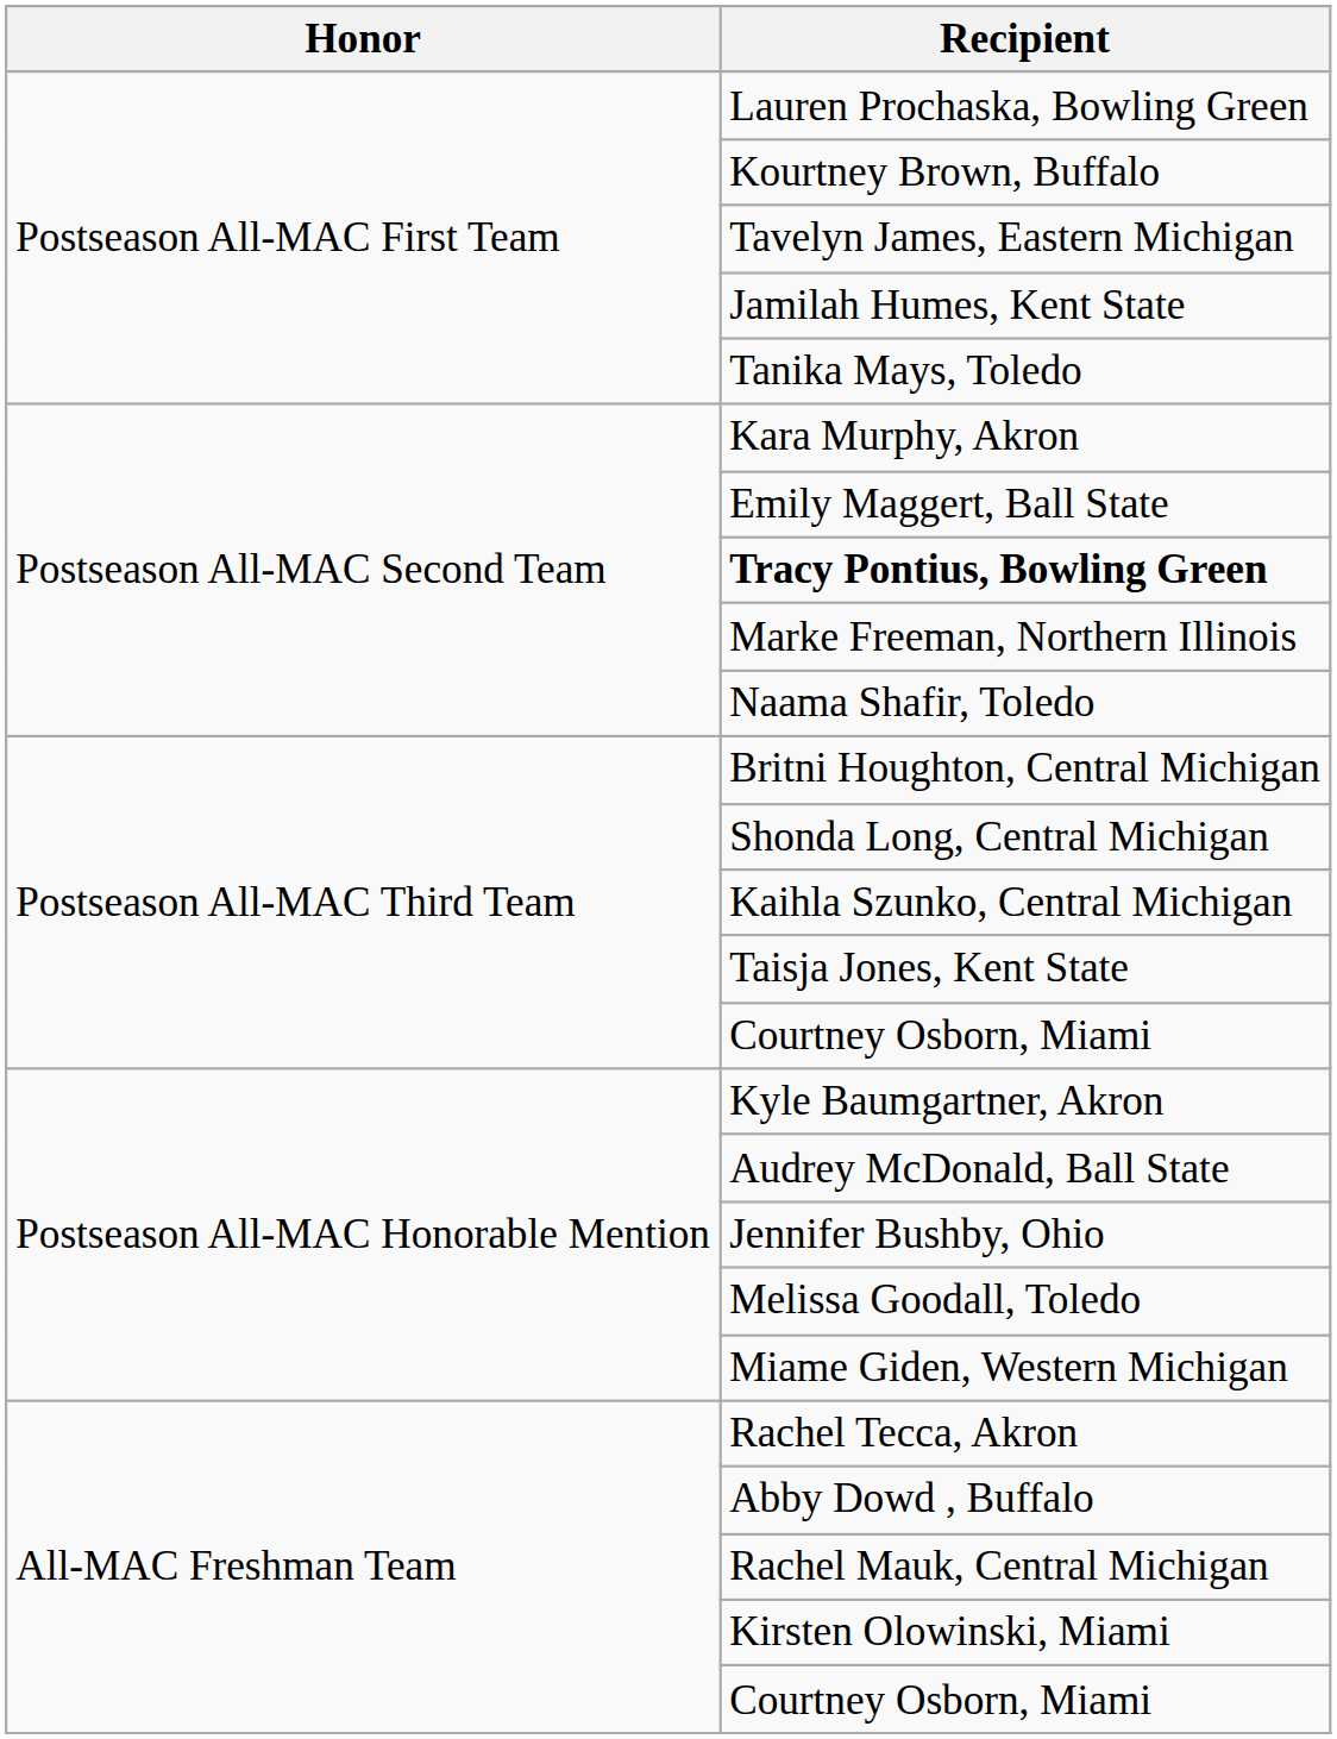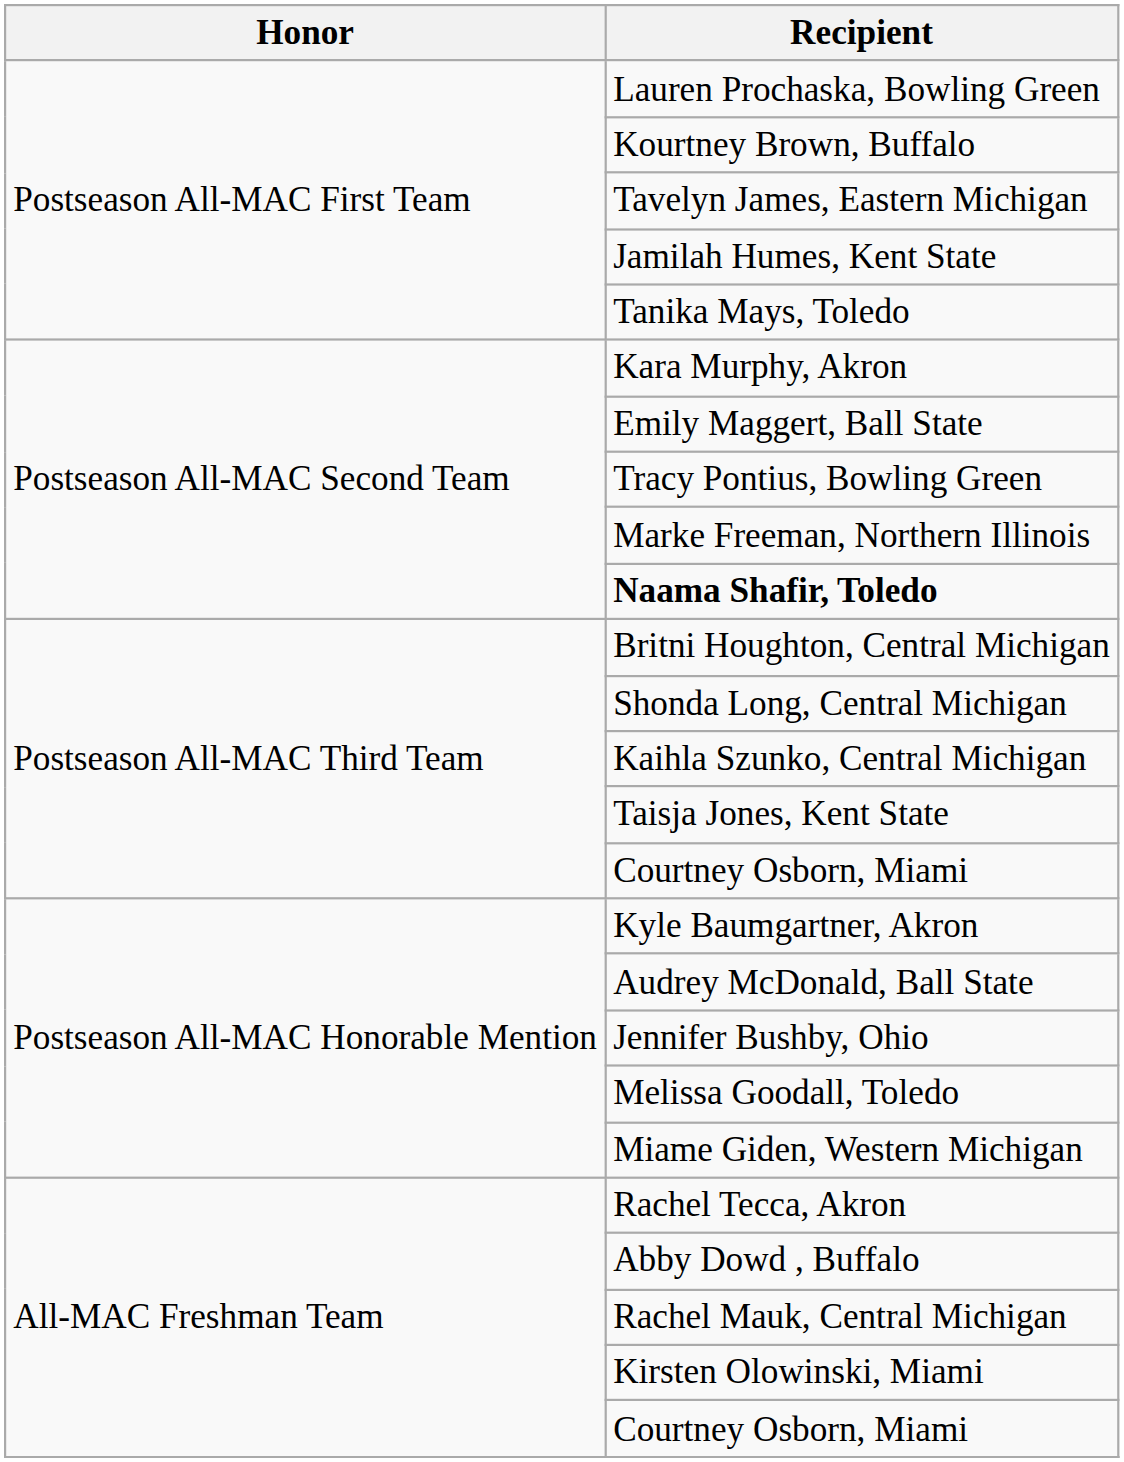 <table class="wikitable" border="1">
 <tr>
 <th>Honor</th>
 <th>Recipient</th>
 </tr>
 <tr>
 <td rowspan=5 valign=middle>Postseason All-MAC First Team</td>
 <td>Lauren Prochaska, Bowling Green</td>
 </tr>
 <tr>
 <td>Kourtney Brown, Buffalo</td>
 </tr>
 <tr>
 <td>Tavelyn James, Eastern Michigan</td>
 </tr>
 <tr>
 <td>Jamilah Humes, Kent State</td>
 </tr>
 <tr>
 <td>Tanika Mays, Toledo</td>
 </tr>
 <tr>
 <td rowspan=5 valign=middle>Postseason All-MAC Second Team</td>
 <td>Kara Murphy, Akron</td>
 </tr>
 <tr>
 <td>Emily Maggert, Ball State</td>
 </tr>
 <tr>
-<td><strong>Tracy Pontius, Bowling Green</strong></td>
+<td>Tracy Pontius, Bowling Green</td>
 </tr>
 <tr>
 <td>Marke Freeman, Northern Illinois</td>
 </tr>
 <tr>
-<td>Naama Shafir, Toledo</td>
+<td><strong>Naama Shafir, Toledo</strong></td>
 </tr>
 <tr>
 <td rowspan=5 valign=middle>Postseason All-MAC Third Team</td>
 <td>Britni Houghton, Central Michigan</td>
 </tr>
 <tr>
 <td>Shonda Long, Central Michigan</td>
 </tr>
 <tr>
 <td>Kaihla Szunko, Central Michigan</td>
 </tr>
 <tr>
 <td>Taisja Jones, Kent State</td>
 </tr>
 <tr>
 <td>Courtney Osborn, Miami</td>
 </tr>
 <tr>
 <td rowspan=5 valign=middle>Postseason All-MAC Honorable Mention</td>
 <td>Kyle Baumgartner, Akron</td>
 </tr>
 <tr>
 <td>Audrey McDonald, Ball State</td>
 </tr>
 <tr>
 <td>Jennifer Bushby, Ohio</td>
 </tr>
 <tr>
 <td>Melissa Goodall, Toledo</td>
 </tr>
 <tr>
 <td>Miame Giden, Western Michigan</td>
 </tr>
 <tr>
 <td rowspan=5 valign=middle>All-MAC Freshman Team</td>
 <td>Rachel Tecca, Akron</td>
 </tr>
 <tr>
 <td>Abby Dowd , Buffalo</td>
 </tr>
 <tr>
 <td>Rachel Mauk, Central Michigan</td>
 </tr>
 <tr>
 <td>Kirsten Olowinski, Miami</td>
 </tr>
 <tr>
 <td>Courtney Osborn, Miami</td>
 </tr>
 <tr>
 </tr>
 </table>
